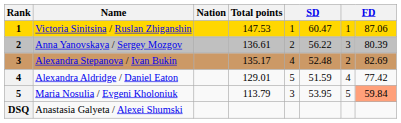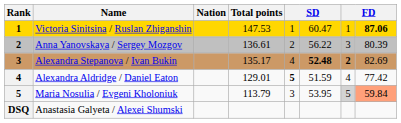 <table class="wikitable sortable">
 <tr>
 <th>Rank</th>
 <th>Name</th>
 <th>Nation</th>
 <th>Total points</th>
 <th colspan="2" width="80px"><a href='#'>SD</a></th>
 <th colspan="2" width="80px"><a href='#'>FD</a></th>
 </tr>
 <tr bgcolor="gold">
 <td align="center"><strong>1</strong></td>
 <td><a href='#'>Victoria Sinitsina</a> / <a href='#'>Ruslan Zhiganshin</a></td>
 <td></td>
 <td align="center">147.53</td>
 <td align="center">1</td>
 <td align="center">60.47</td>
 <td align="center">1</td>
-<td align="center">87.06</td>
+<td align="center"><strong>87.06</strong></td>
 </tr>
 <tr bgcolor="silver">
 <td align="center"><strong>2</strong></td>
 <td><a href='#'>Anna Yanovskaya</a> / <a href='#'>Sergey Mozgov</a></td>
 <td></td>
 <td align="center">136.61</td>
 <td align="center">2</td>
 <td align="center">56.22</td>
 <td align="center">3</td>
 <td align="center">80.39</td>
 </tr>
 <tr bgcolor="cc9966">
 <td align="center"><strong>3</strong></td>
 <td><a href='#'>Alexandra Stepanova</a> / <a href='#'>Ivan Bukin</a></td>
 <td></td>
 <td align="center">135.17</td>
 <td align="center">4</td>
-<td align="center">52.48</td>
-<td align="center">2</td>
+<td align="center"><strong>52.48</strong></td>
+<td align="center"><strong>2</strong></td>
 <td align="center">82.69</td>
 </tr>
 <tr>
 <th>4</th>
 <td><a href='#'>Alexandra Aldridge</a> / <a href='#'>Daniel Eaton</a></td>
 <td></td>
 <td align="center">129.01</td>
-<td align="center">5</td>
+<td align="center"><strong>5</strong></td>
 <td align="center">51.59</td>
 <td align="center">4</td>
 <td align="center">77.42</td>
 </tr>
 <tr>
 <th>5</th>
 <td><a href='#'>Maria Nosulia</a> / <a href='#'>Evgeni Kholoniuk</a></td>
 <td></td>
 <td align="center">113.79</td>
 <td align="center">3</td>
 <td align="center">53.95</td>
-<td align="center">5</td>
+<td align="center" style="background: lightgrey;">5</td>
 <td align="center" style="background: lightsalmon;">59.84</td>
 </tr>
 <tr>
 <th>DSQ</th>
 <td>Anastasia Galyeta / <a href='#'>Alexei Shumski</a></td>
 <td></td>
 <td align="center"></td>
 <td align="center"></td>
 <td align="center"></td>
 <td align="center"></td>
 <td align="center"></td>
 </tr>
 </table>
